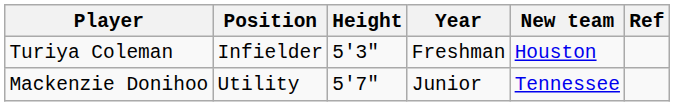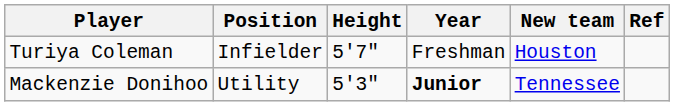 <table class="wikitable sortable">
 <tr>
 <th style="text-align:center; ">Player</th>
 <th style="text-align:center; ">Position</th>
 <th style="text-align:center; ">Height</th>
 <th style="text-align:center; ">Year</th>
 <th style="text-align:center; ">New team</th>
 <th style="text-align:center; ">Ref</th>
 </tr>
 <tr>
 <td>Turiya Coleman</td>
 <td>Infielder</td>
-<td>5'3"</td>
+<td>5'7"</td>
 <td>Freshman</td>
 <td><a href='#'>Houston</a></td>
 <td></td>
 </tr>
 <tr>
 <td>Mackenzie Donihoo</td>
 <td>Utility</td>
-<td>5'7"</td>
-<td>Junior</td>
+<td>5'3"</td>
+<td><strong>Junior</strong></td>
 <td><a href='#'>Tennessee</a></td>
 <td></td>
 </tr>
 </table>
